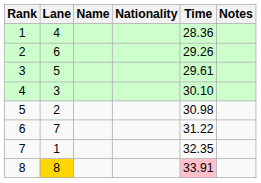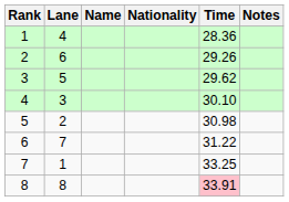 <table class="wikitable sortable" style="text-align:center">
 <tr>
 <th>Rank</th>
 <th>Lane</th>
 <th>Name</th>
 <th>Nationality</th>
 <th>Time</th>
 <th>Notes</th>
 </tr>
 <tr bgcolor=ccffcc>
 <td>1</td>
 <td>4</td>
 <td align=left></td>
 <td align=left></td>
 <td>28.36</td>
 <td><strong></strong> <strong></strong></td>
 </tr>
 <tr bgcolor=ccffcc>
 <td>2</td>
 <td>6</td>
 <td align=left></td>
 <td align=left></td>
 <td>29.26</td>
 <td><strong></strong></td>
 </tr>
 <tr bgcolor=ccffcc>
 <td>3</td>
 <td>5</td>
 <td align=left></td>
 <td align=left></td>
-<td>29.61</td>
+<td>29.62</td>
 <td><strong></strong></td>
 </tr>
 <tr bgcolor=ccffcc>
 <td>4</td>
 <td>3</td>
 <td align=left></td>
 <td align=left></td>
 <td>30.10</td>
 <td><strong></strong></td>
 </tr>
 <tr>
 <td>5</td>
 <td>2</td>
 <td align=left></td>
 <td align=left></td>
 <td>30.98</td>
 <td></td>
 </tr>
 <tr>
 <td>6</td>
 <td>7</td>
 <td align=left></td>
 <td align=left></td>
 <td>31.22</td>
 <td></td>
 </tr>
 <tr>
 <td>7</td>
 <td>1</td>
 <td align=left></td>
 <td align=left></td>
-<td>32.35</td>
+<td>33.25</td>
 <td></td>
 </tr>
 <tr>
 <td>8</td>
-<td style="background: gold;">8</td>
+<td>8</td>
 <td align=left></td>
 <td align=left></td>
 <td style="background: pink;">33.91</td>
 <td></td>
 </tr>
 </table>
